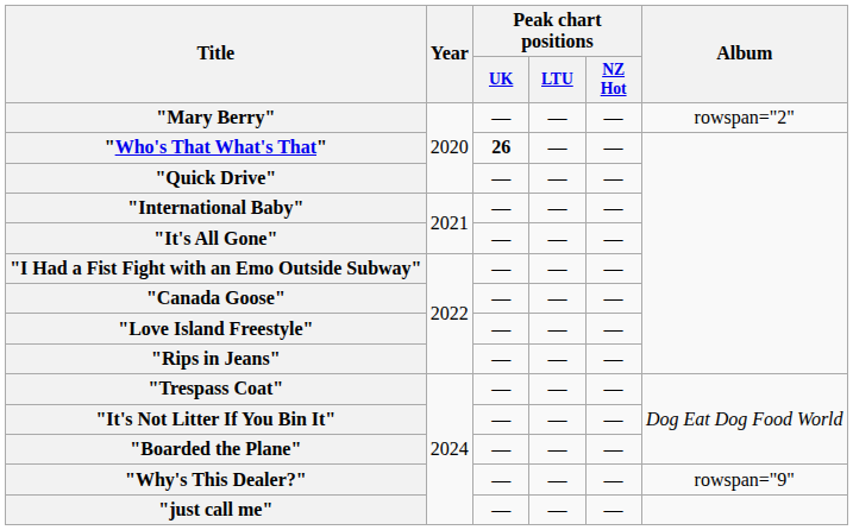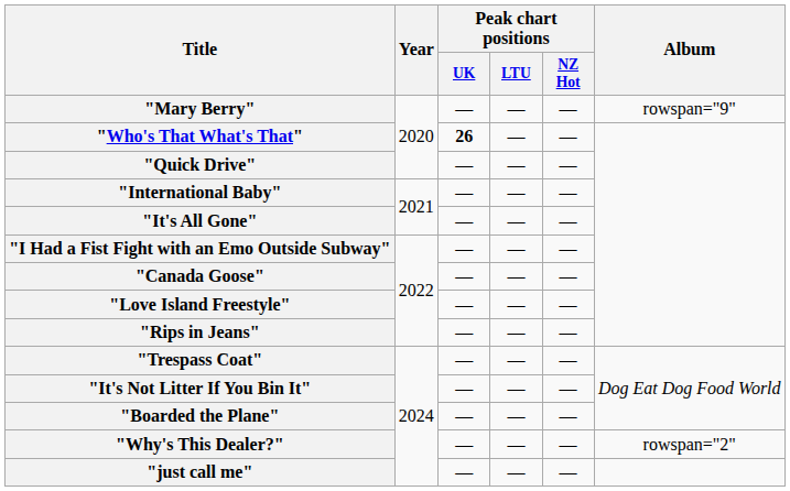 <table class="wikitable plainrowheaders" style="text-align:center">
 <tr>
 <th scope="col" rowspan="2">Title</th>
 <th scope="col" rowspan="2">Year</th>
 <th scope="col" colspan="3">Peak chart positions</th>
 <th scope="col" rowspan="2">Album</th>
 </tr>
 <tr>
 <th scope="col" style="width:3em;font-size:85%"><a href='#'>UK</a><br></th>
 <th scope="col" style="width:3em;font-size:85%"><a href='#'>LTU</a><br></th>
 <th scope="col" style="width:3em;font-size:85%"><a href='#'>NZ<br>Hot</a><br></th>
 </tr>
 <tr>
 <th scope="row">"Mary Berry"</th>
 <td rowspan="3">2020</td>
 <td>—</td>
 <td>—</td>
 <td>—</td>
-<td>rowspan="2" </td>
+<td>rowspan="9" </td>
 </tr>
 <tr>
 <th scope="row">"<a href='#'>Who's That What's That</a>"</th>
 <td><strong>26</strong></td>
 <td>—</td>
 <td>—</td>
 </tr>
 <tr>
 <th scope="row">"Quick Drive"</th>
 <td>—</td>
 <td>—</td>
 <td>—</td>
 </tr>
 <tr>
 <th scope="row">"International Baby"</th>
 <td rowspan="2">2021</td>
 <td>—</td>
 <td>—</td>
 <td>—</td>
 </tr>
 <tr>
 <th scope="row">"It's All Gone"</th>
 <td>—</td>
 <td>—</td>
 <td>—</td>
 </tr>
 <tr>
 <th scope="row">"I Had a Fist Fight with an Emo Outside Subway"</th>
 <td rowspan="4">2022</td>
 <td>—</td>
 <td>—</td>
 <td>—</td>
 </tr>
 <tr>
 <th scope="row">"Canada Goose"</th>
 <td>—</td>
 <td>—</td>
 <td>—</td>
 </tr>
 <tr>
 <th scope="row">"Love Island Freestyle"</th>
 <td>—</td>
 <td>—</td>
 <td>—</td>
 </tr>
 <tr>
 <th scope="row">"Rips in Jeans"</th>
 <td>—</td>
 <td>—</td>
 <td>—</td>
 </tr>
 <tr>
 <th scope="row">"Trespass Coat"</th>
 <td rowspan="5">2024</td>
 <td>—</td>
 <td>—</td>
 <td>—</td>
 <td rowspan="3"><em>Dog Eat Dog Food World</em></td>
 </tr>
 <tr>
 <th scope="row">"It's Not Litter If You Bin It"</th>
 <td>—</td>
 <td>—</td>
 <td>—</td>
 </tr>
 <tr>
 <th scope="row">"Boarded the Plane"</th>
 <td>—</td>
 <td>—</td>
 <td>—</td>
 </tr>
 <tr>
 <th scope="row">"Why's This Dealer?"</th>
 <td>—</td>
 <td>—</td>
 <td>—</td>
-<td>rowspan="9" </td>
+<td>rowspan="2" </td>
 </tr>
 <tr>
 <th scope="row">"just call me"</th>
 <td>—</td>
 <td>—</td>
 <td>—</td>
 </tr>
 </table>
